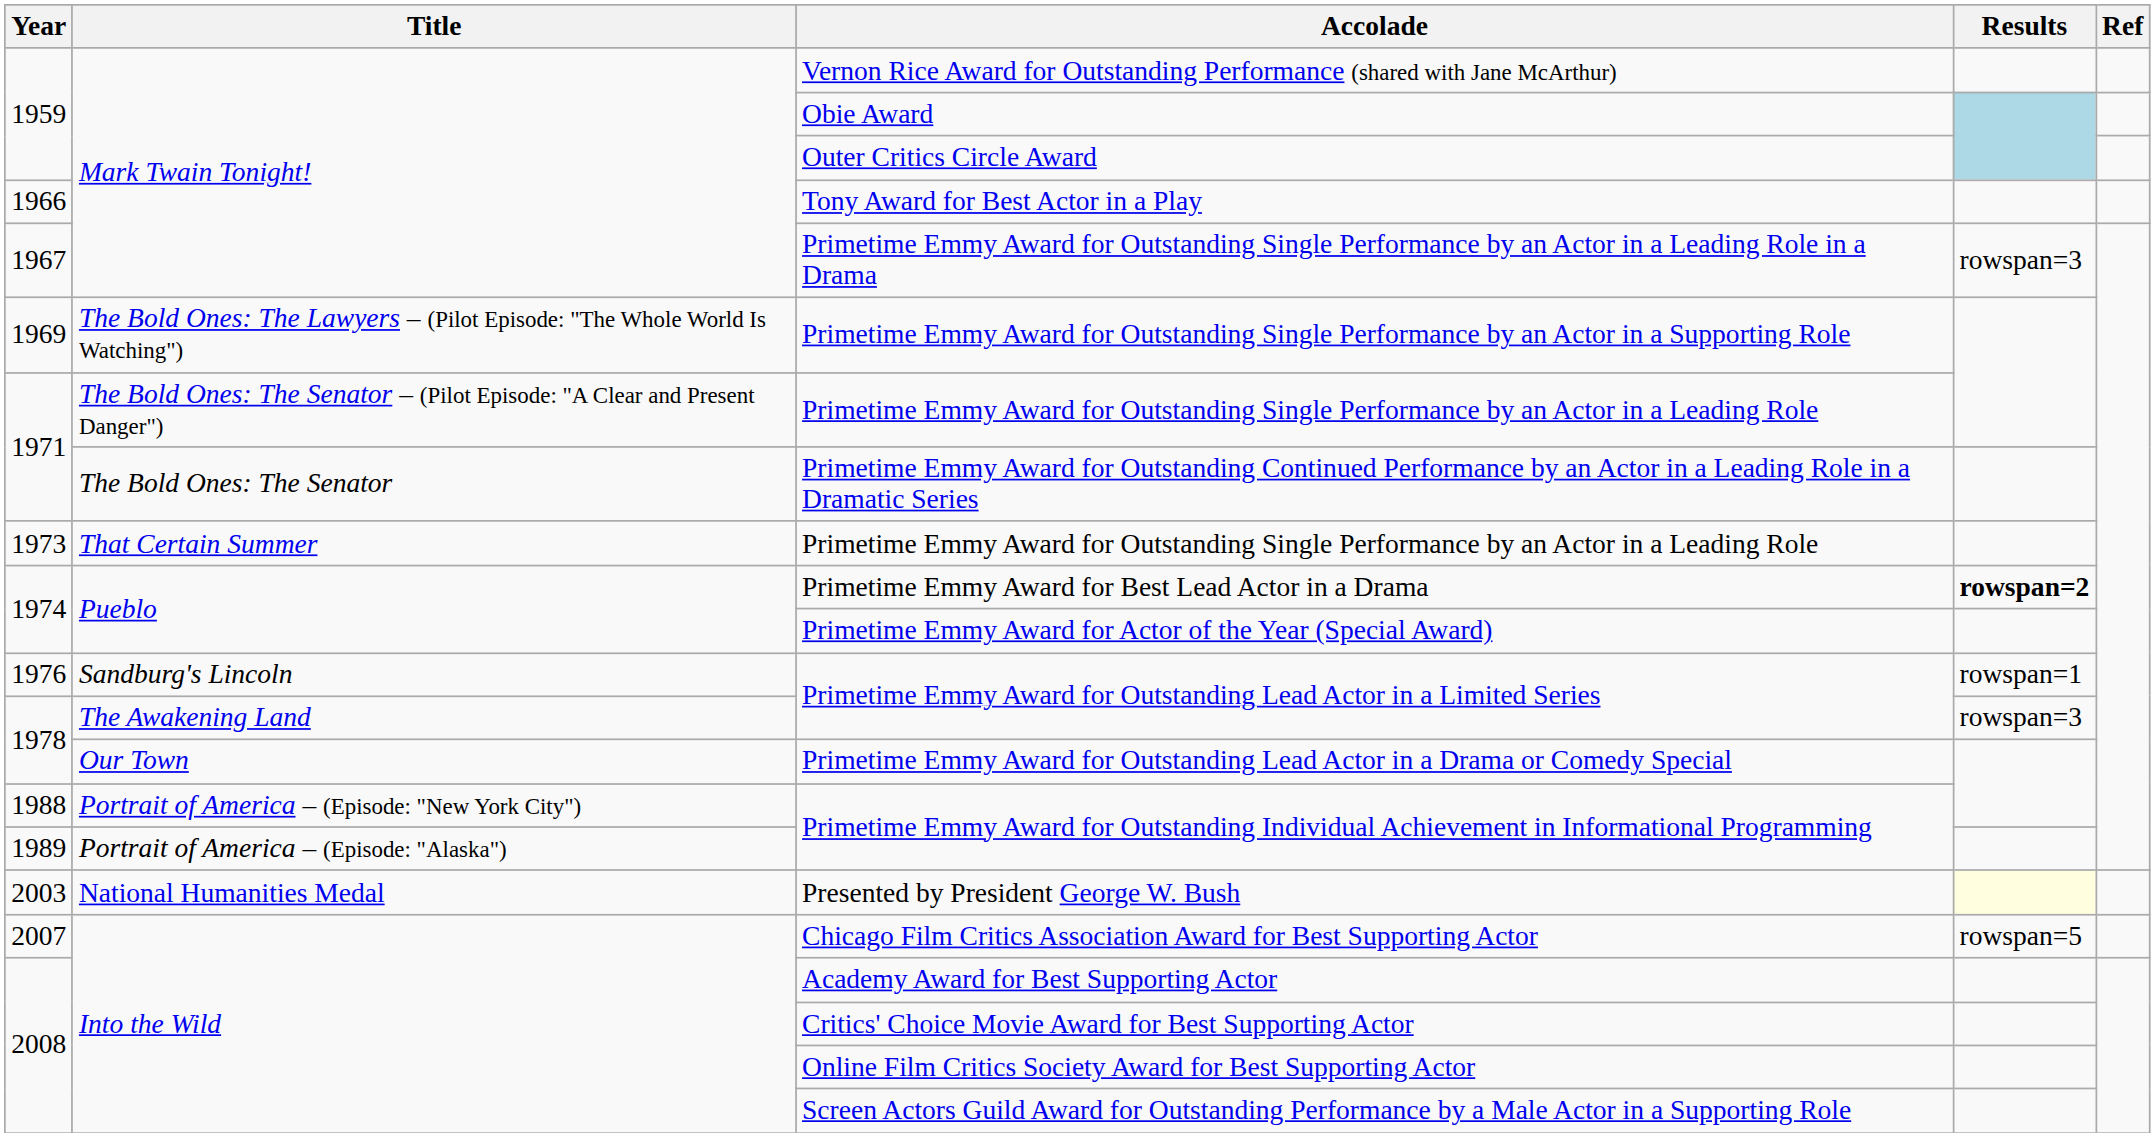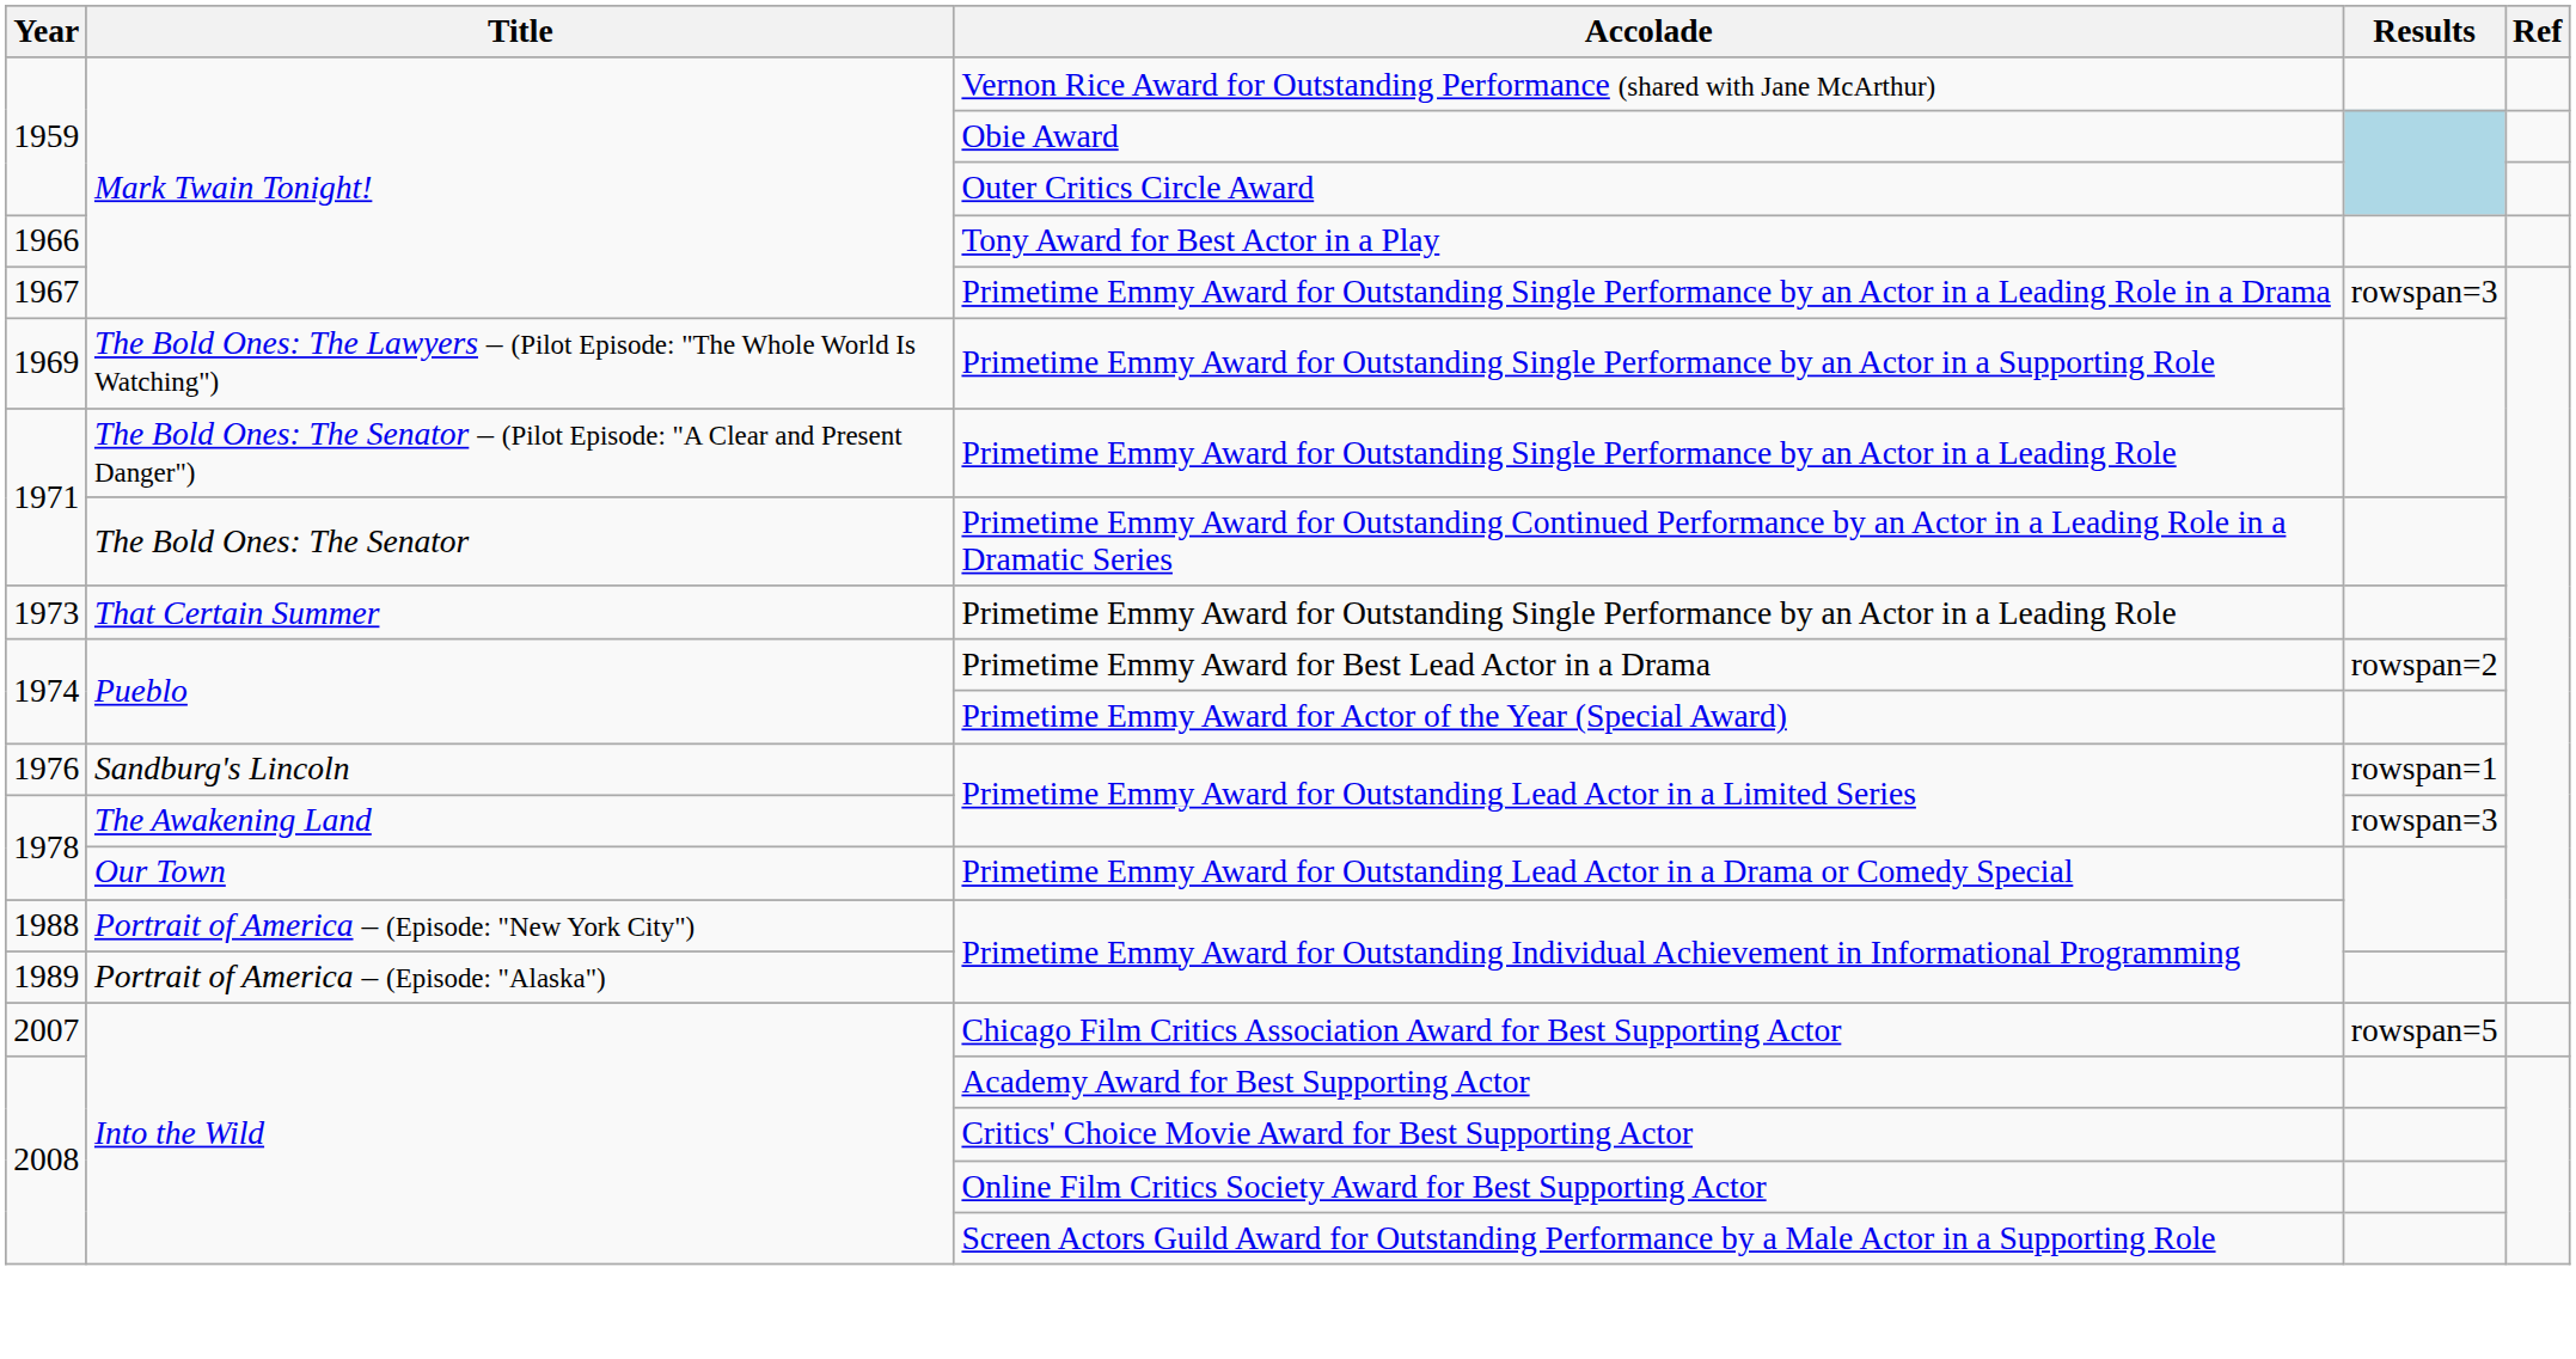 <table class="wikitable sortable">
 <tr>
 <th scope=col>Year</th>
 <th scope=col>Title</th>
 <th scope=col>Accolade</th>
 <th scope=col>Results</th>
 <th scope=col class=unsortable>Ref</th>
 </tr>
 <tr>
 <td rowspan=3>1959</td>
 <td rowspan=5><em><a href='#'>Mark Twain Tonight!</a></em></td>
 <td><a href='#'>Vernon Rice Award for Outstanding Performance</a> <small>(shared with Jane McArthur)</small></td>
 <td></td>
 <td></td>
 </tr>
 <tr>
 <td><a href='#'>Obie Award</a></td>
 <td rowspan=2 style="background:lightblue;"></td>
 <td></td>
 </tr>
 <tr>
 <td><a href='#'>Outer Critics Circle Award</a></td>
 <td></td>
 </tr>
 <tr>
 <td>1966</td>
 <td><a href='#'>Tony Award for Best Actor in a Play</a></td>
 <td></td>
 <td></td>
 </tr>
 <tr>
 <td>1967</td>
 <td><a href='#'>Primetime Emmy Award for Outstanding Single Performance by an Actor in a Leading Role in a Drama</a></td>
 <td>rowspan=3 </td>
 <td rowspan=12></td>
 </tr>
 <tr>
 <td>1969</td>
 <td><em><a href='#'>The Bold Ones: The Lawyers</a></em> – <small>(Pilot Episode: "The Whole World Is Watching")</small></td>
 <td><a href='#'>Primetime Emmy Award for Outstanding Single Performance by an Actor in a Supporting Role</a></td>
 </tr>
 <tr>
 <td rowspan=2>1971</td>
 <td><em><a href='#'>The Bold Ones: The Senator</a></em> – <small>(Pilot Episode: "A Clear and Present Danger")</small></td>
 <td><a href='#'>Primetime Emmy Award for Outstanding Single Performance by an Actor in a Leading Role</a></td>
 </tr>
 <tr>
 <td><em>The Bold Ones: The Senator</em></td>
 <td><a href='#'>Primetime Emmy Award for Outstanding Continued Performance by an Actor in a Leading Role in a Dramatic Series</a></td>
 <td></td>
 </tr>
 <tr>
 <td>1973</td>
 <td><em><a href='#'>That Certain Summer</a></em></td>
 <td>Primetime Emmy Award for Outstanding Single Performance by an Actor in a Leading Role</td>
 <td></td>
 </tr>
 <tr>
 <td rowspan=2>1974</td>
 <td rowspan=2><em><a href='#'>Pueblo</a></em></td>
 <td>Primetime Emmy Award for Best Lead Actor in a Drama</td>
-<td><strong>rowspan=2 </strong></td>
+<td>rowspan=2 </td>
 </tr>
 <tr>
 <td><a href='#'>Primetime Emmy Award for Actor of the Year (Special Award)</a></td>
 </tr>
 <tr>
 <td>1976</td>
 <td><em>Sandburg's Lincoln</em></td>
 <td rowspan=2><a href='#'>Primetime Emmy Award for Outstanding Lead Actor in a Limited Series</a></td>
 <td>rowspan=1 </td>
 </tr>
 <tr>
 <td rowspan=2>1978</td>
 <td><em><a href='#'>The Awakening Land</a></em></td>
 <td>rowspan=3 </td>
 </tr>
 <tr>
 <td><em><a href='#'>Our Town</a></em></td>
 <td><a href='#'>Primetime Emmy Award for Outstanding Lead Actor in a Drama or Comedy Special</a></td>
 </tr>
 <tr>
 <td>1988</td>
 <td><em><a href='#'>Portrait of America</a></em> – <small>(Episode: "New York City")</small></td>
 <td rowspan=2><a href='#'>Primetime Emmy Award for Outstanding Individual Achievement in Informational Programming</a></td>
 </tr>
 <tr>
 <td>1989</td>
 <td><em>Portrait of America</em> – <small>(Episode: "Alaska")</small></td>
 <td></td>
 </tr>
 <tr>
-<td>2003</td>
-<td><a href='#'>National Humanities Medal</a></td>
-<td>Presented by President <a href='#'>George W. Bush</a></td>
-<td style="background:lightyellow;"></td>
-<td></td>
-</tr>
-<tr>
 <td>2007</td>
 <td rowspan=5><em><a href='#'>Into the Wild</a></em></td>
 <td><a href='#'>Chicago Film Critics Association Award for Best Supporting Actor</a></td>
 <td>rowspan=5 </td>
 <td></td>
 </tr>
 <tr>
 <td rowspan=4>2008</td>
 <td><a href='#'>Academy Award for Best Supporting Actor</a></td>
 <td></td>
 </tr>
 <tr>
 <td><a href='#'>Critics' Choice Movie Award for Best Supporting Actor</a></td>
 <td></td>
 </tr>
 <tr>
 <td><a href='#'>Online Film Critics Society Award for Best Supporting Actor</a></td>
 <td></td>
 </tr>
 <tr>
 <td><a href='#'>Screen Actors Guild Award for Outstanding Performance by a Male Actor in a Supporting Role</a></td>
 <td></td>
 </tr>
 </table>
